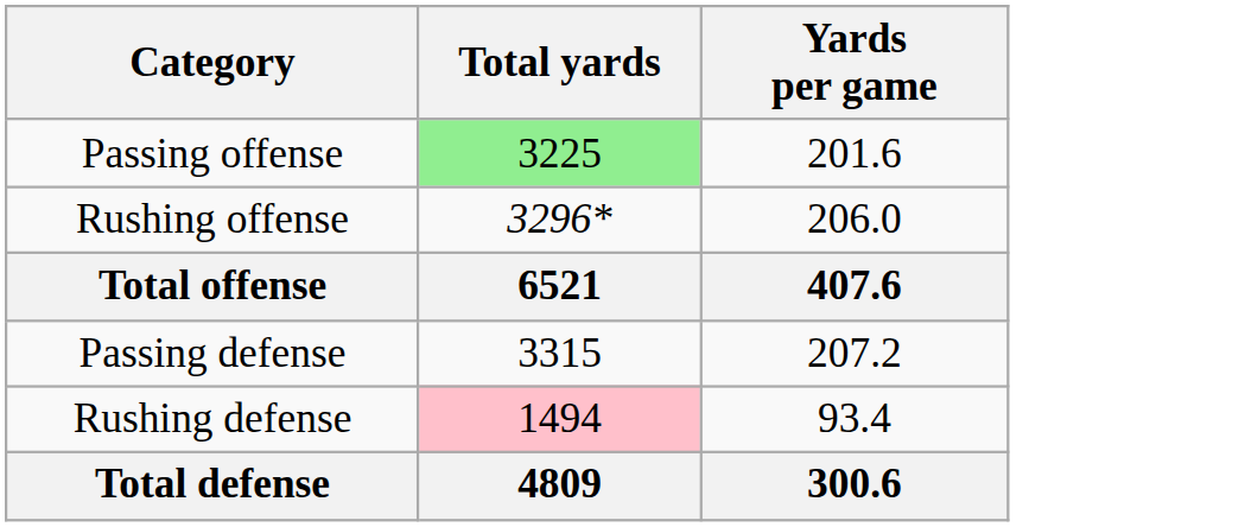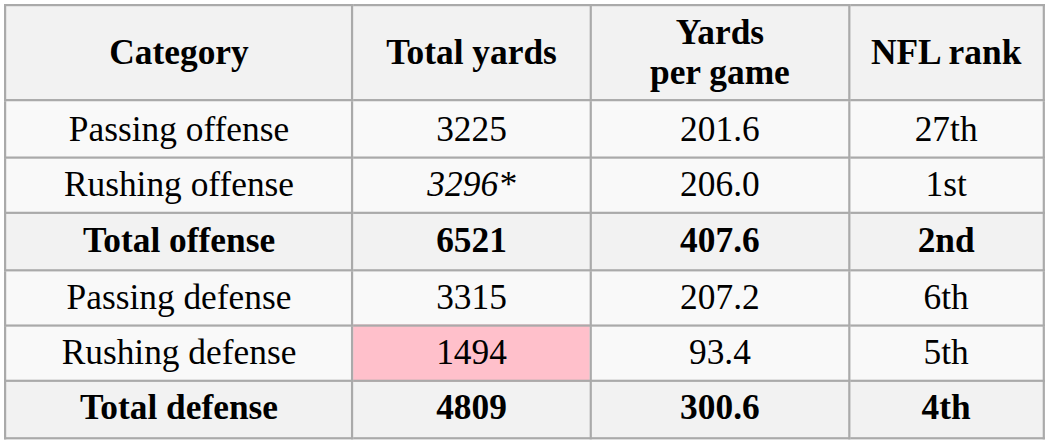 <table class="wikitable" style="text-align:center">
 <tr>
 <th width=150px>Category</th>
 <th width=100px>Total yards</th>
 <th width=110px>Yards<br>per game</th>
+<th width=80px>NFL rank</th>
 </tr>
 <tr>
 <td>Passing offense</td>
-<td style="background: lightgreen;">3225</td>
+<td>3225</td>
 <td>201.6</td>
+<td>27th</td>
 </tr>
 <tr>
 <td>Rushing offense</td>
 <td><em>3296*</em></td>
 <td>206.0</td>
+<td>1st</td>
 </tr>
 <tr>
 <th>Total offense</th>
 <th>6521</th>
 <th>407.6</th>
+<th>2nd</th>
 </tr>
 <tr>
 <td>Passing defense</td>
 <td>3315</td>
 <td>207.2</td>
+<td>6th</td>
 </tr>
 <tr>
 <td>Rushing defense</td>
 <td style="background: pink;">1494</td>
 <td>93.4</td>
+<td>5th</td>
 </tr>
 <tr>
 <th>Total defense</th>
 <th>4809</th>
 <th>300.6</th>
+<th>4th</th>
 </tr>
 </table>
